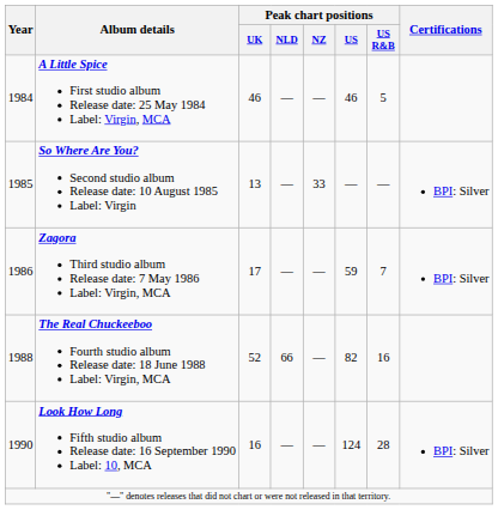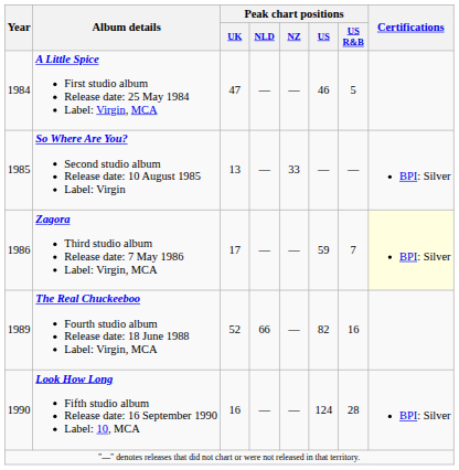 <table class="wikitable" style="text-align:center;">
 <tr>
 <th rowspan="2">Year</th>
 <th rowspan="2">Album details</th>
 <th colspan="5">Peak chart positions</th>
 <th rowspan="2"><a href='#'>Certifications</a></th>
 </tr>
 <tr style="font-size:smaller;">
 <th width="35"><a href='#'>UK</a><br></th>
 <th width="35"><a href='#'>NLD</a><br></th>
 <th width="35"><a href='#'>NZ</a><br></th>
 <th width="35"><a href='#'>US</a><br></th>
 <th width="35"><a href='#'>US R&B</a><br></th>
 </tr>
 <tr>
 <td rowspan="1">1984</td>
 <td align="left"><strong><em><a href='#'>A Little Spice</a></em></strong><br><ul><li>First studio album</li><li>Release date: 25 May 1984</li><li>Label: <a href='#'>Virgin</a>, <a href='#'>MCA</a></li></ul></td>
-<td>46</td>
+<td>47</td>
 <td>—</td>
 <td>—</td>
 <td>46</td>
 <td>5</td>
 <td align="left"></td>
 </tr>
 <tr>
 <td rowspan="1">1985</td>
 <td align="left"><strong><em><a href='#'>So Where Are You?</a></em></strong><br><ul><li>Second studio album</li><li>Release date: 10 August 1985</li><li>Label: Virgin</li></ul></td>
 <td>13</td>
 <td>—</td>
 <td>33</td>
 <td>—</td>
 <td>—</td>
 <td align="left"><br><ul><li><a href='#'>BPI</a>: Silver</li></ul></td>
 </tr>
 <tr>
 <td rowspan="1">1986</td>
 <td align="left"><strong><em><a href='#'>Zagora</a></em></strong><br><ul><li>Third studio album</li><li>Release date: 7 May 1986</li><li>Label: Virgin, MCA</li></ul></td>
 <td>17</td>
 <td>—</td>
 <td>—</td>
 <td>59</td>
 <td>7</td>
-<td align="left"><br><ul><li><a href='#'>BPI</a>: Silver</li></ul></td>
+<td align="left" style="background: lightyellow;"><br><ul><li><a href='#'>BPI</a>: Silver</li></ul></td>
 </tr>
 <tr>
-<td rowspan="1">1988</td>
+<td rowspan="1">1989</td>
 <td align="left"><strong><em><a href='#'>The Real Chuckeeboo</a></em></strong><br><ul><li>Fourth studio album</li><li>Release date: 18 June 1988</li><li>Label: Virgin, MCA</li></ul></td>
 <td>52</td>
 <td>66</td>
 <td>—</td>
 <td>82</td>
 <td>16</td>
 <td align="left"></td>
 </tr>
 <tr>
 <td rowspan="1">1990</td>
 <td align="left"><strong><em><a href='#'>Look How Long</a></em></strong><br><ul><li>Fifth studio album</li><li>Release date: 16 September 1990</li><li>Label: <a href='#'>10</a>, MCA</li></ul></td>
 <td>16</td>
 <td>—</td>
 <td>—</td>
 <td>124</td>
 <td>28</td>
 <td align="left"><br><ul><li><a href='#'>BPI</a>: Silver</li></ul></td>
 </tr>
 <tr>
 <td colspan="8" style="text-align:center; font-size:9pt;">"—" denotes releases that did not chart or were not released in that territory.</td>
 </tr>
 </table>
